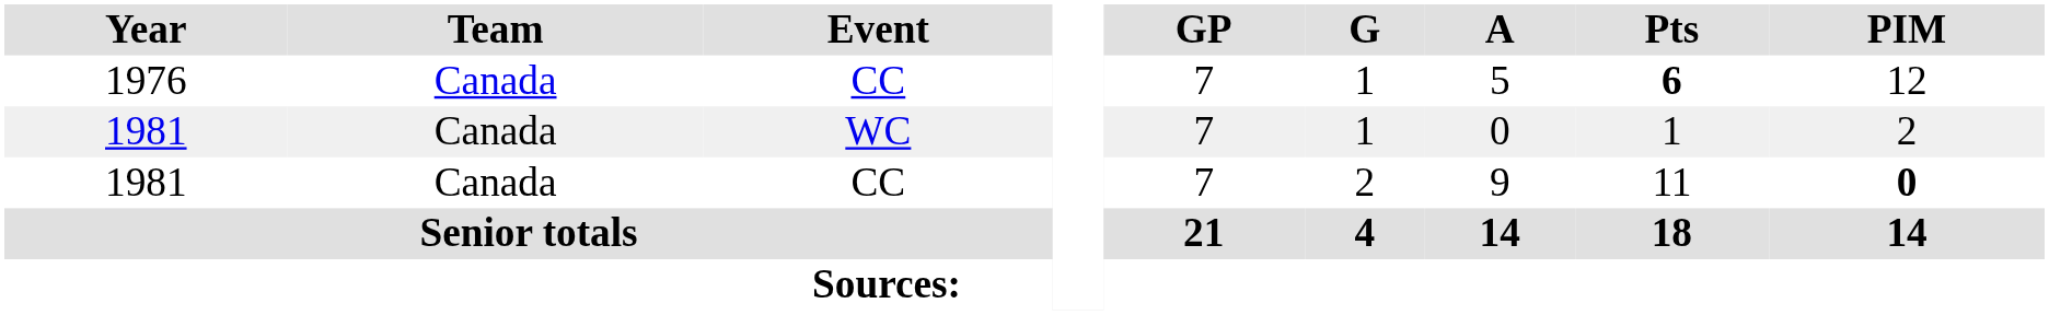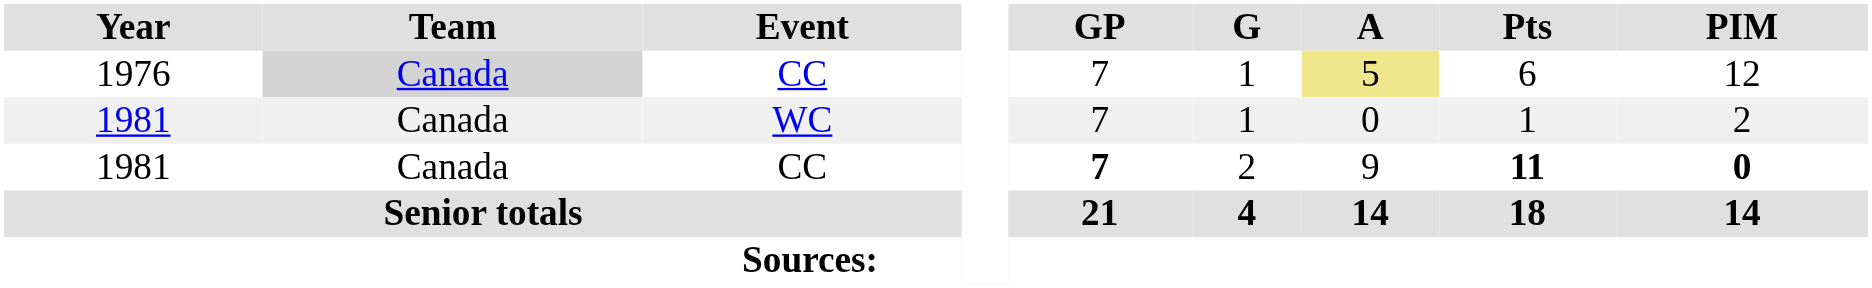 <table border="0" cellpadding="1" cellspacing="0" style="text-align:center; width:50em">
 <tr style="text-align:center; background:#e0e0e0;">
 <th>Year</th>
 <th>Team</th>
 <th>Event</th>
 <th rowspan="99" style="background:#fff;"> </th>
 <th>GP</th>
 <th>G</th>
 <th>A</th>
 <th>Pts</th>
 <th>PIM</th>
 </tr>
 <tr>
 <td>1976</td>
-<td><a href='#'>Canada</a></td>
+<td style="background: lightgrey;"><a href='#'>Canada</a></td>
 <td><a href='#'>CC</a></td>
 <td>7</td>
 <td>1</td>
-<td>5</td>
-<td><strong>6</strong></td>
+<td style="background: khaki;">5</td>
+<td>6</td>
 <td>12</td>
 </tr>
 <tr style="background:#f0f0f0;">
 <td><a href='#'>1981</a></td>
 <td>Canada</td>
 <td><a href='#'>WC</a></td>
 <td>7</td>
 <td>1</td>
 <td>0</td>
 <td>1</td>
 <td>2</td>
 </tr>
 <tr>
 <td>1981</td>
 <td>Canada</td>
 <td>CC</td>
-<td>7</td>
+<td><strong>7</strong></td>
 <td>2</td>
 <td>9</td>
-<td>11</td>
+<td><strong>11</strong></td>
 <td><strong>0</strong></td>
 </tr>
 <tr style="background:#e0e0e0;">
 <th colspan="3">Senior totals</th>
 <th>21</th>
 <th>4</th>
 <th>14</th>
 <th>18</th>
 <th>14</th>
 </tr>
 <tr>
 <td colspan="8" style="text-align: center;"><strong>Sources:</strong></td>
 </tr>
 </table>
